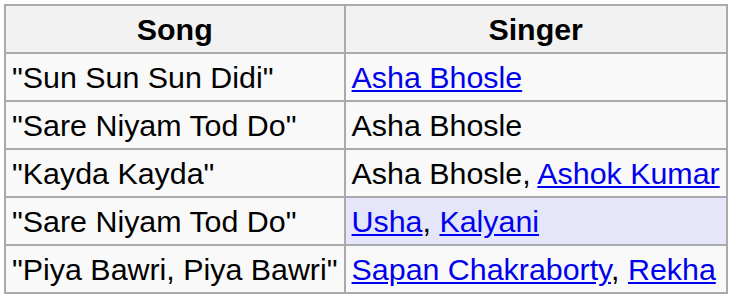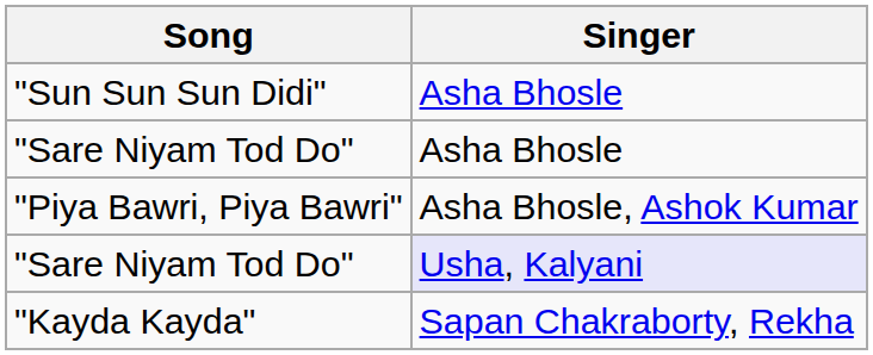 <table class="wikitable" style="font-size:95%;">
 <tr>
 <th>Song</th>
 <th>Singer</th>
 </tr>
 <tr>
 <td>"Sun Sun Sun Didi"</td>
 <td><a href='#'>Asha Bhosle</a></td>
 </tr>
 <tr>
 <td>"Sare Niyam Tod Do"</td>
 <td>Asha Bhosle</td>
 </tr>
 <tr>
-<td>"Kayda Kayda"</td>
+<td>"Piya Bawri, Piya Bawri"</td>
 <td>Asha Bhosle, <a href='#'>Ashok Kumar</a></td>
 </tr>
 <tr>
 <td>"Sare Niyam Tod Do"</td>
 <td style="background: lavender;"><a href='#'>Usha</a>, <a href='#'>Kalyani</a></td>
 </tr>
 <tr>
-<td>"Piya Bawri, Piya Bawri"</td>
+<td>"Kayda Kayda"</td>
 <td><a href='#'>Sapan Chakraborty</a>, <a href='#'>Rekha</a></td>
 </tr>
 </table>
